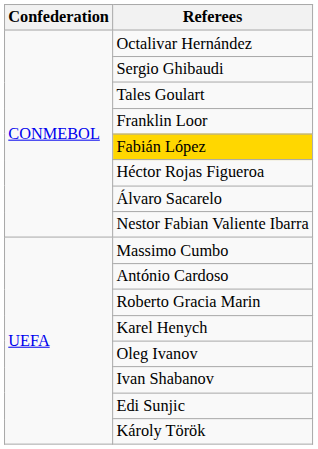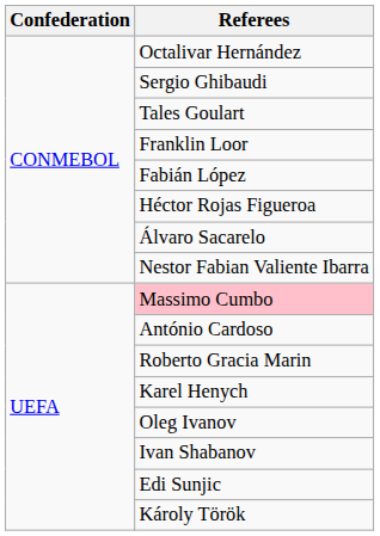 <table class="wikitable">
 <tr>
 <th>Confederation</th>
 <th>Referees</th>
 </tr>
 <tr>
 <td rowspan="8"><a href='#'>CONMEBOL</a></td>
 <td> Octalivar Hernández</td>
 </tr>
 <tr>
 <td> Sergio Ghibaudi</td>
 </tr>
 <tr>
 <td> Tales Goulart</td>
 </tr>
 <tr>
 <td> Franklin Loor</td>
 </tr>
 <tr>
-<td style="background: gold;"> Fabián López</td>
+<td> Fabián López</td>
 </tr>
 <tr>
 <td> Héctor Rojas Figueroa</td>
 </tr>
 <tr>
 <td> Álvaro Sacarelo</td>
 </tr>
 <tr>
 <td> Nestor Fabian Valiente Ibarra</td>
 </tr>
 <tr>
 <td rowspan="8"><a href='#'>UEFA</a></td>
-<td> Massimo Cumbo</td>
+<td style="background: pink;"> Massimo Cumbo</td>
 </tr>
 <tr>
 <td> António Cardoso</td>
 </tr>
 <tr>
 <td> Roberto Gracia Marin</td>
 </tr>
 <tr>
 <td> Karel Henych</td>
 </tr>
 <tr>
 <td> Oleg Ivanov</td>
 </tr>
 <tr>
 <td> Ivan Shabanov</td>
 </tr>
 <tr>
 <td> Edi Sunjic</td>
 </tr>
 <tr>
 <td> Károly Török</td>
 </tr>
 </table>
